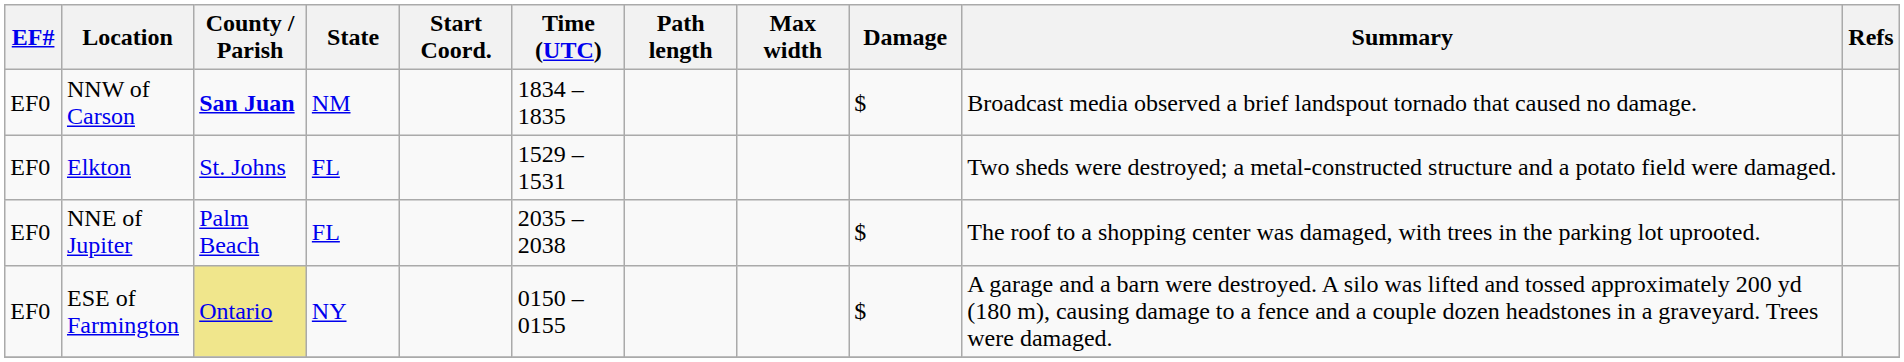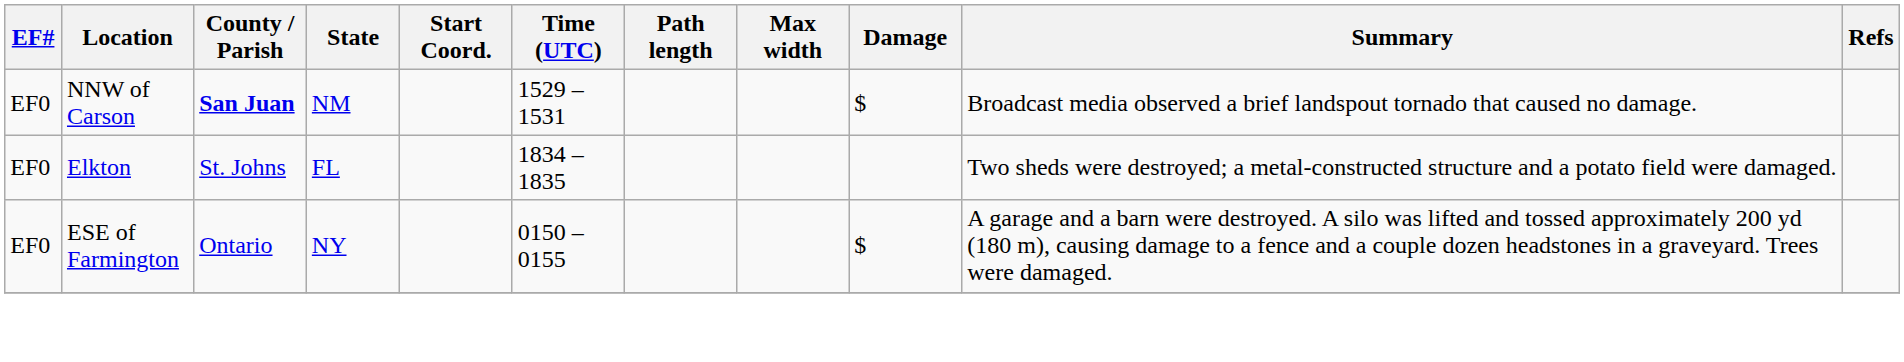 <table class="wikitable sortable" style="width:100%;">
 <tr>
 <th scope="col" width="3%" align="center"><a href='#'>EF#</a></th>
 <th scope="col" width="7%" align="center" class="unsortable">Location</th>
 <th scope="col" width="6%" align="center" class="unsortable">County / Parish</th>
 <th scope="col" width="5%" align="center">State</th>
 <th scope="col" width="6%" align="center">Start Coord.</th>
 <th scope="col" width="6%" align="center">Time (<a href='#'>UTC</a>)</th>
 <th scope="col" width="6%" align="center">Path length</th>
 <th scope="col" width="6%" align="center">Max width</th>
 <th scope="col" width="6%" align="center">Damage</th>
 <th scope="col" width="48%" class="unsortable" align="center">Summary</th>
 <th scope="col" width="48%" class="unsortable" align="center">Refs</th>
 </tr>
 <tr>
 <td>EF0</td>
 <td>NNW of <a href='#'>Carson</a></td>
 <td><strong><a href='#'>San Juan</a></strong></td>
 <td><a href='#'>NM</a></td>
 <td></td>
-<td>1834 – 1835</td>
+<td>1529 – 1531</td>
 <td></td>
 <td></td>
 <td>$</td>
 <td>Broadcast media observed a brief landspout tornado that caused no damage.</td>
 <td></td>
 </tr>
 <tr>
 <td>EF0</td>
 <td><a href='#'>Elkton</a></td>
 <td><a href='#'>St. Johns</a></td>
 <td><a href='#'>FL</a></td>
 <td></td>
-<td>1529 – 1531</td>
+<td>1834 – 1835</td>
 <td></td>
 <td></td>
 <td></td>
 <td>Two sheds were destroyed; a metal-constructed structure and a potato field were damaged.</td>
 <td></td>
 </tr>
 <tr>
 <td>EF0</td>
-<td>NNE of <a href='#'>Jupiter</a></td>
-<td><a href='#'>Palm Beach</a></td>
-<td><a href='#'>FL</a></td>
-<td></td>
-<td>2035 – 2038</td>
-<td></td>
-<td></td>
-<td>$</td>
-<td>The roof to a shopping center was damaged, with trees in the parking lot uprooted.</td>
-<td></td>
-</tr>
-<tr>
-<td>EF0</td>
 <td>ESE of <a href='#'>Farmington</a></td>
-<td style="background: khaki;"><a href='#'>Ontario</a></td>
+<td><a href='#'>Ontario</a></td>
 <td><a href='#'>NY</a></td>
 <td></td>
 <td>0150 – 0155</td>
 <td></td>
 <td></td>
 <td>$</td>
 <td>A garage and a barn were destroyed. A silo was lifted and tossed approximately 200 yd (180 m), causing damage to a fence and a couple dozen headstones in a graveyard. Trees were damaged.</td>
 <td></td>
 </tr>
 <tr>
 </tr>
 </table>
